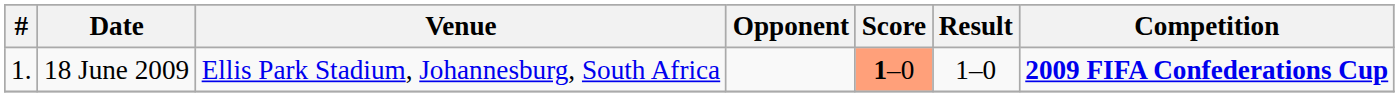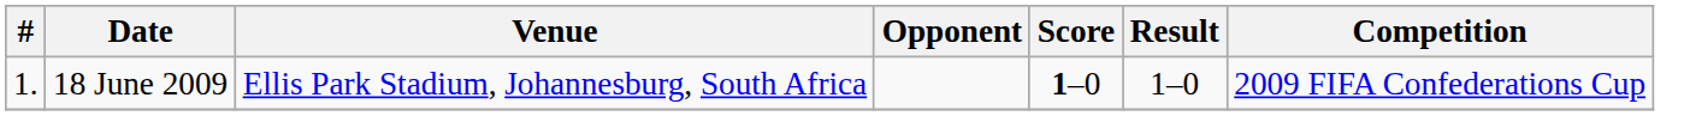 <table class="wikitable collapsible">
 <tr bgcolor="#CCCCCC" align="center">
 <th>#</th>
 <th>Date</th>
 <th>Venue</th>
 <th>Opponent</th>
 <th>Score</th>
 <th>Result</th>
 <th>Competition</th>
 </tr>
 <tr>
 <td align="center">1.</td>
 <td rowspan=1>18 June 2009</td>
 <td rowspan=1><a href='#'>Ellis Park Stadium</a>, <a href='#'>Johannesburg</a>, <a href='#'>South Africa</a></td>
 <td rowspan=1></td>
-<td align="center" style="background: lightsalmon;"><strong>1</strong>–0</td>
+<td align="center"><strong>1</strong>–0</td>
 <td rowspan=1 align="center">1–0</td>
-<td rowspan=1><strong><a href='#'>2009 FIFA Confederations Cup</a></strong></td>
+<td rowspan=1><a href='#'>2009 FIFA Confederations Cup</a></td>
 </tr>
 <tr>
 </tr>
 </table>
